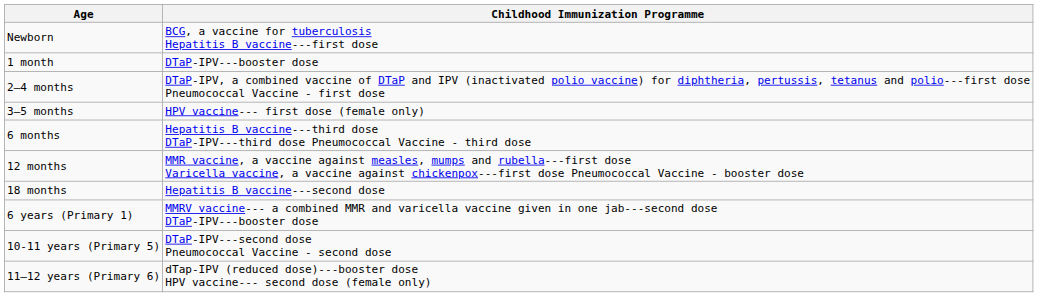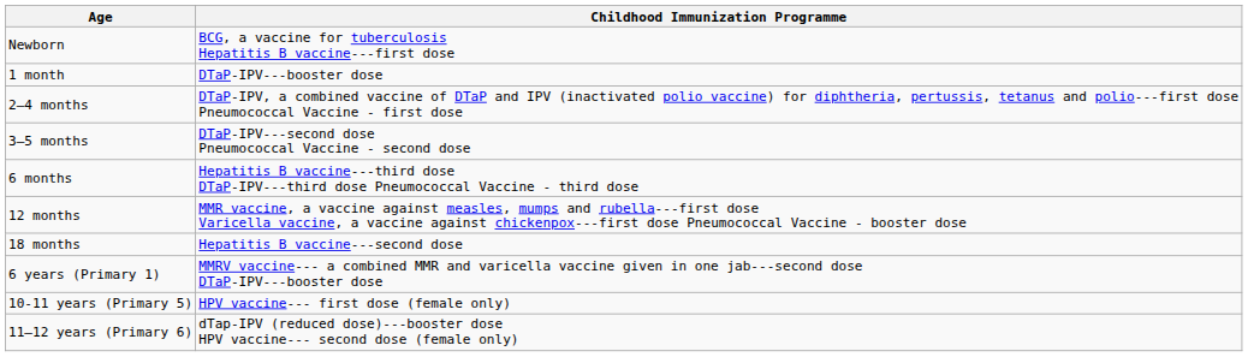 <table class="wikitable">
 <tr>
 <th>Age</th>
 <th>Childhood Immunization Programme</th>
 </tr>
 <tr>
 <td>Newborn</td>
 <td><a href='#'>BCG</a>, a vaccine for <a href='#'>tuberculosis</a><br><a href='#'>Hepatitis B vaccine</a>---first dose</td>
 </tr>
 <tr>
 <td>1 month</td>
 <td><a href='#'>DTaP</a>-IPV---booster dose</td>
 </tr>
 <tr>
 <td>2–4 months</td>
 <td><a href='#'>DTaP</a>-IPV, a combined vaccine of <a href='#'>DTaP</a> and IPV (inactivated <a href='#'>polio vaccine</a>) for <a href='#'>diphtheria</a>, <a href='#'>pertussis</a>, <a href='#'>tetanus</a> and <a href='#'>polio</a>---first dose<br>Pneumococcal Vaccine - first dose</td>
 </tr>
 <tr>
 <td>3–5 months</td>
-<td><a href='#'>HPV vaccine</a>--- first dose (female only)</td>
+<td><a href='#'>DTaP</a>-IPV---second dose<br>Pneumococcal Vaccine - second dose</td>
 </tr>
 <tr>
 <td>6 months</td>
 <td><a href='#'>Hepatitis B vaccine</a>---third dose<br><a href='#'>DTaP</a>-IPV---third dose Pneumococcal Vaccine - third dose</td>
 </tr>
 <tr>
 <td>12 months</td>
 <td><a href='#'>MMR vaccine</a>, a vaccine against <a href='#'>measles</a>, <a href='#'>mumps</a> and <a href='#'>rubella</a>---first dose<br><a href='#'>Varicella vaccine</a>, a vaccine against <a href='#'>chickenpox</a>---first dose Pneumococcal Vaccine - booster dose</td>
 </tr>
 <tr>
 <td>18 months</td>
 <td><a href='#'>Hepatitis B vaccine</a>---second dose</td>
 </tr>
 <tr>
 <td>6 years (Primary 1)</td>
 <td><a href='#'>MMRV vaccine</a>--- a combined MMR and varicella vaccine given in one jab---second dose<br><a href='#'>DTaP</a>-IPV---booster dose</td>
 </tr>
 <tr>
 <td>10-11 years (Primary 5)</td>
-<td><a href='#'>DTaP</a>-IPV---second dose<br>Pneumococcal Vaccine - second dose</td>
+<td><a href='#'>HPV vaccine</a>--- first dose (female only)</td>
 </tr>
 <tr>
 <td>11–12 years (Primary 6)</td>
 <td>dTap-IPV (reduced dose)---booster dose<br>HPV vaccine--- second dose (female only)</td>
 </tr>
 </table>
